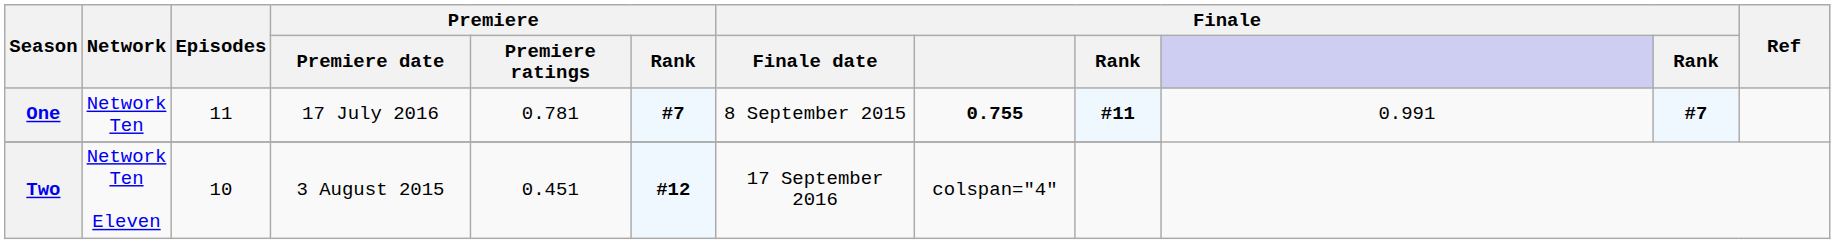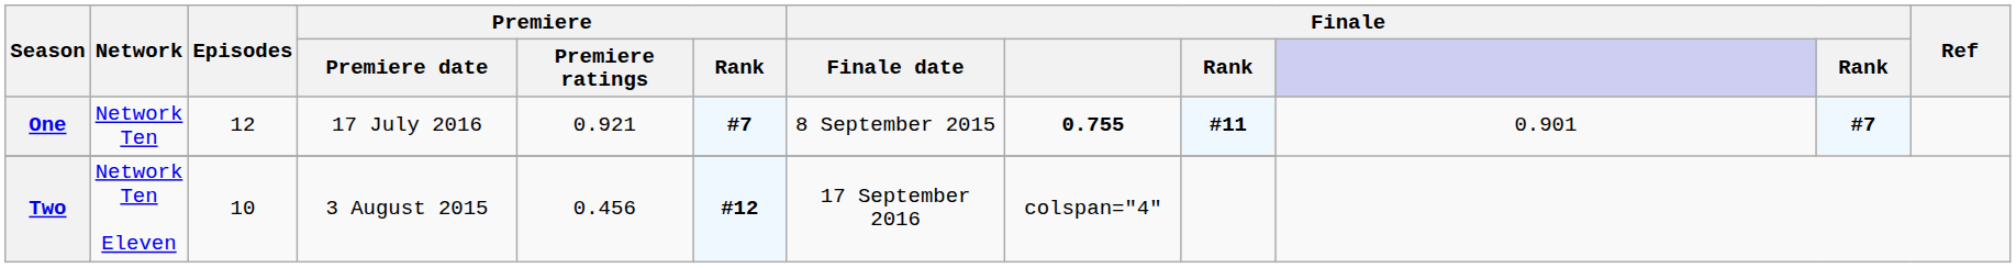 <table class="wikitable plainrowheaders" style="text-align:center;">
 <tr style="background:#DCDCDC;">
 <th rowspan="2" style="width:3%;" scope="col" style="width:10em;" scope="col" style="background:#CECEF2; color:black;">Season</th>
 <th rowspan="2" style="width:3%;" scope="col" style="width:10em;" scope="col" style="background:#CECEF2; color:black;">Network</th>
 <th rowspan="2" style="width:3%;" scope="col" style="width:10em;" scope="col" style="background:#CECEF2; color:black;">Episodes</th>
 <th colspan="3" scope="col" style="width:10em;" scope="col" style="background:#CECEF2; color:black;">Premiere</th>
 <th colspan="5" scope="col" style="width:10em;" scope="col" style="background:#CECEF2; color:black;">Finale</th>
 <th rowspan="2" style="width:5%;" scope="col" style="width:10em;" scope="col" style="background:#CECEF2; color:black;">Ref</th>
 </tr>
 <tr>
 <th scope="col" style="width:10em;" scope="col" style="background:#CECEF2; color:black;">Premiere date</th>
 <th scope="col" style="width:8em;" scope="col" style="background:#CECEF2; color:black;">Premiere<br>ratings</th>
 <th scope="col" style="width:4em;" scope="col" style="background:#CECEF2; color:black;">Rank</th>
 <th scope="col" style="width:10em;" scope="col" style="background:#CECEF2; color:black;">Finale date</th>
 <th scope="col" style="width:8em;" scope="col" style="background:#CECEF2; color:black;"><strong></strong><br><em><small></small></em></th>
 <th scope="col" style="width:4em;" scope="col" style="background:#CECEF2; color:black;">Rank</th>
 <th scope="col" scope="col" style="background:#CECEF2; color:black;"><strong></strong><br><em><small></small></em></th>
 <th scope="col" style="width:4em;" scope="col" style="background:#CECEF2; color:black;">Rank</th>
 </tr>
 <tr>
 <th scope="row" style="background:#white;"><a href='#'><strong>One</strong></a></th>
 <td><a href='#'>Network Ten</a></td>
-<td>11</td>
+<td>12</td>
 <td>17 July 2016</td>
-<td>0.781</td>
+<td>0.921</td>
 <td style="background:#F0F8FF"><strong>#7</strong></td>
 <td>8 September 2015</td>
 <td><strong>0.755</strong></td>
 <td style="background:#F0F8FF"><strong>#11</strong></td>
-<td>0.991</td>
+<td>0.901</td>
 <td style="background:#F0F8FF"><strong>#7</strong></td>
 <td></td>
 </tr>
 <tr>
 </tr>
 <tr>
 <th scope="row" style="background:#white;"><a href='#'><strong>Two</strong></a></th>
 <td><a href='#'>Network Ten</a><br><br><a href='#'>Eleven</a><br></td>
 <td>10</td>
 <td>3 August 2015</td>
-<td>0.451</td>
+<td>0.456</td>
 <td style="background:#F0F8FF"><strong>#12</strong></td>
 <td>17 September 2016</td>
 <td>colspan="4" </td>
 <td></td>
 </tr>
 </table>
